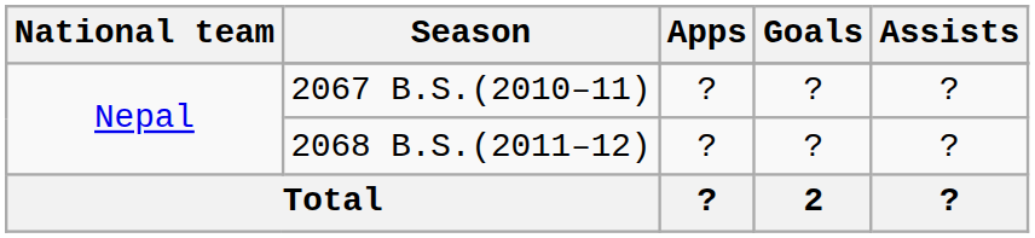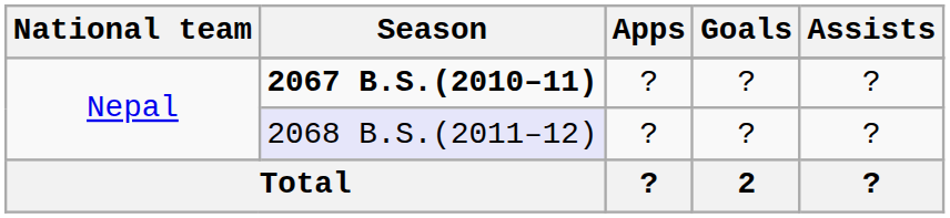 <table class="wikitable" style="font-size:90%; text-align:center;">
 <tr>
 <th>National team</th>
 <th>Season</th>
 <th>Apps</th>
 <th>Goals</th>
 <th>Assists</th>
 </tr>
 <tr>
 <td rowspan=3><a href='#'>Nepal</a></td>
 </tr>
 <tr>
-<td>2067 B.S.(2010–11)</td>
+<td><strong>2067 B.S.(2010–11)</strong></td>
 <td>?</td>
 <td>?</td>
 <td>?</td>
 </tr>
 <tr>
-<td>2068 B.S.(2011–12)</td>
+<td style="background: lavender;">2068 B.S.(2011–12)</td>
 <td>?</td>
 <td>?</td>
 <td>?</td>
 </tr>
 <tr B.s(2012–13)>
 <th colspan=2>Total</th>
 <th>?</th>
 <th>2</th>
 <th>?</th>
 </tr>
 </table>
